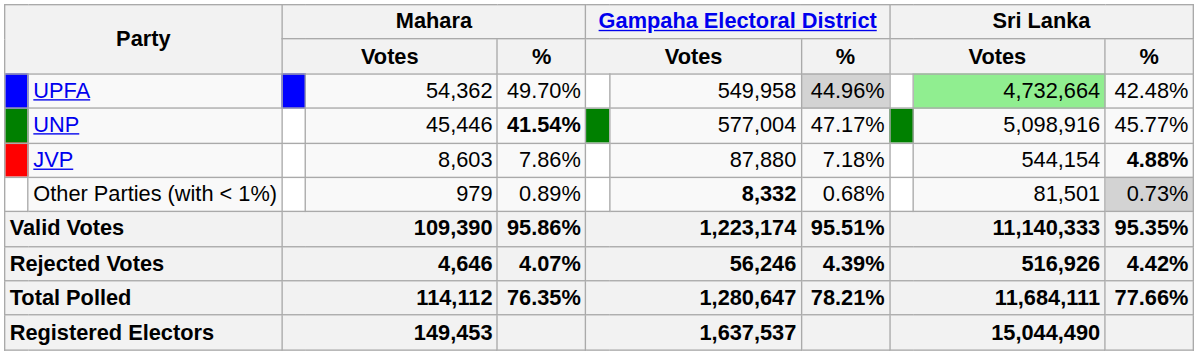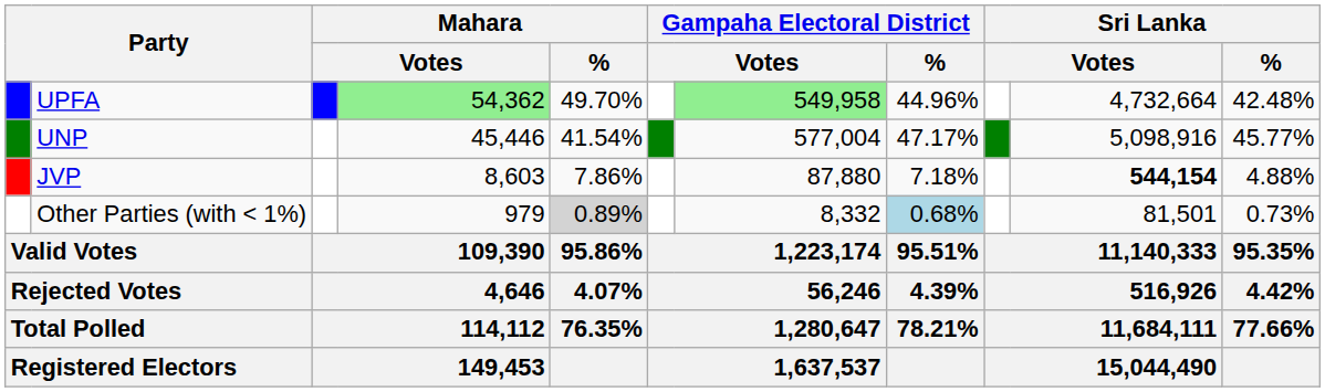 <table class="wikitable">
 <tr>
 <th colspan="2" width="144px"rowspan="2">Party</th>
 <th colspan="3" width="216px">Mahara</th>
 <th colspan="3" width="216px"><a href='#'>Gampaha Electoral District</a></th>
 <th colspan="3" width="216px">Sri Lanka</th>
 </tr>
 <tr>
 <th colspan="2" width="144px">Votes</th>
 <th>%</th>
 <th colspan="2" width="144px">Votes</th>
 <th>%</th>
 <th colspan="2" width="144px">Votes</th>
 <th>%</th>
 </tr>
 <tr>
 <td style="background-color:blue;" width="10px"></td>
 <td style="text-align:left;"><a href='#'>UPFA</a></td>
 <td style="background-color:blue;" width="10px"></td>
-<td style="text-align:right;">54,362</td>
+<td style="background: lightgreen; text-align:right;">54,362</td>
 <td style="text-align:right;">49.70%</td>
 <td style="background-color:white;" width="10px"></td>
-<td style="text-align:right;">549,958</td>
-<td style="background: lightgrey; text-align:right;">44.96%</td>
+<td style="background: lightgreen; text-align:right;">549,958</td>
+<td style="text-align:right;">44.96%</td>
 <td style="background-color:white;" width="10px"></td>
-<td style="background: lightgreen; text-align:right;">4,732,664</td>
+<td style="text-align:right;">4,732,664</td>
 <td style="text-align:right;">42.48%</td>
 </tr>
 <tr>
 <td style="background-color:green;" width="10px"></td>
 <td style="text-align:left;"><a href='#'>UNP</a></td>
 <td style="background-color:white;" width="10px"></td>
 <td style="text-align:right;">45,446</td>
-<td style="text-align:right;"><strong>41.54%</strong></td>
+<td style="text-align:right;">41.54%</td>
 <td style="background-color:green;" width="10px"></td>
 <td style="text-align:right;">577,004</td>
 <td style="text-align:right;">47.17%</td>
 <td style="background-color:green;" width="10px"></td>
 <td style="text-align:right;">5,098,916</td>
 <td style="text-align:right;">45.77%</td>
 </tr>
 <tr>
 <td style="background-color:red;" width="10px"></td>
 <td style="text-align:left;"><a href='#'>JVP</a></td>
 <td style="background-color:white;" width="10px"></td>
 <td style="text-align:right;">8,603</td>
 <td style="text-align:right;">7.86%</td>
 <td style="background-color:white;" width="10px"></td>
 <td style="text-align:right;">87,880</td>
 <td style="text-align:right;">7.18%</td>
 <td style="background-color:white;" width="10px"></td>
-<td style="text-align:right;">544,154</td>
-<td style="text-align:right;"><strong>4.88%</strong></td>
+<td style="text-align:right;"><strong>544,154</strong></td>
+<td style="text-align:right;">4.88%</td>
 </tr>
 <tr>
 <td style="background-color:white;" width="10px"></td>
 <td style="text-align:left;">Other Parties (with < 1%)</td>
 <td style="background-color:white;" width="10px"></td>
 <td style="text-align:right;">979</td>
-<td style="text-align:right;">0.89%</td>
+<td style="background: lightgrey; text-align:right;">0.89%</td>
 <td style="background-color:white;" width="10px"></td>
-<td style="text-align:right;"><strong>8,332</strong></td>
-<td style="text-align:right;">0.68%</td>
+<td style="text-align:right;">8,332</td>
+<td style="background: lightblue; text-align:right;">0.68%</td>
 <td style="background-color:white;" width="10px"></td>
 <td style="text-align:right;">81,501</td>
-<td style="background: lightgrey; text-align:right;">0.73%</td>
+<td style="text-align:right;">0.73%</td>
 </tr>
 <tr>
 <th colspan="2" width="144px"style="text-align:left;">Valid Votes</th>
 <th style="text-align:right;"colspan="2" width="144px">109,390</th>
 <th style="text-align:right;">95.86%</th>
 <th style="text-align:right;"colspan="2" width="144px">1,223,174</th>
 <th style="text-align:right;">95.51%</th>
 <th style="text-align:right;"colspan="2" width="144px">11,140,333</th>
 <th style="text-align:right;">95.35%</th>
 </tr>
 <tr>
 <th colspan="2" width="144px"style="text-align:left;">Rejected Votes</th>
 <th style="text-align:right;"colspan="2" width="144px">4,646</th>
 <th style="text-align:right;">4.07%</th>
 <th style="text-align:right;"colspan="2" width="144px">56,246</th>
 <th style="text-align:right;">4.39%</th>
 <th style="text-align:right;"colspan="2" width="144px">516,926</th>
 <th style="text-align:right;">4.42%</th>
 </tr>
 <tr>
 <th colspan="2" width="144px"style="text-align:left;">Total Polled</th>
 <th style="text-align:right;"colspan="2" width="144px">114,112</th>
 <th style="text-align:right;">76.35%</th>
 <th style="text-align:right;"colspan="2" width="144px">1,280,647</th>
 <th style="text-align:right;">78.21%</th>
 <th style="text-align:right;"colspan="2" width="144px">11,684,111</th>
 <th style="text-align:right;">77.66%</th>
 </tr>
 <tr>
 <th colspan="2" width="144px"style="text-align:left;">Registered Electors</th>
 <th style="text-align:right;"colspan="2" width="144px">149,453</th>
 <th></th>
 <th style="text-align:right;"colspan="2" width="144px">1,637,537</th>
 <th></th>
 <th style="text-align:right;"colspan="2" width="144px">15,044,490</th>
 <th></th>
 </tr>
 </table>
